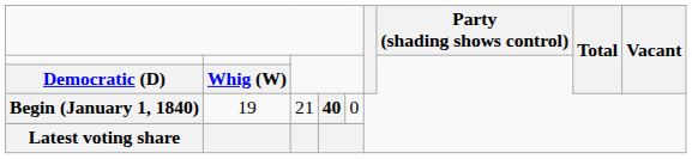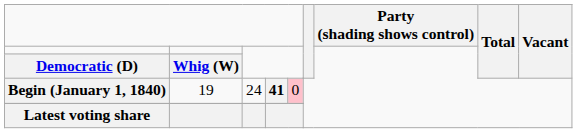 <table class="wikitable" style="text-align:center">
 <tr>
 <td colspan=6 align=center><div></div></td>
 <th scope="col" rowspan="3"> </th>
 <th scope="col" colspan="2">Party<div>(shading shows control)</div></th>
 <th scope="col" rowspan="3">Total</th>
 <th scope="col" rowspan="3">Vacant</th>
 </tr>
 <tr style="height:5px">
 <td style="background-color:"></td>
 <td style="background-color:"></td>
 </tr>
 <tr>
 <th scope="col"><a href='#'>Democratic</a> (D)</th>
 <th scope="col"><a href='#'>Whig</a> (W)</th>
 </tr>
 <tr>
 <th scope="row">Begin (January 1, 1840)</th>
 <td>19</td>
-<td rowspan=1 >21</td>
-<th>40</th>
-<td>0</td>
+<td rowspan=1 >24</td>
+<th>41</th>
+<td style="background: pink;">0</td>
 </tr>
 <tr>
 </tr>
 <tr>
 <th scope="row">Latest voting share</th>
 <th></th>
 <th></th>
 <th colspan=2> </th>
 </tr>
 </table>
